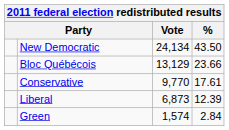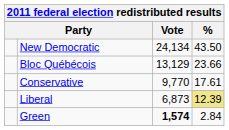 <table class="wikitable">
 <tr>
 <th colspan="4"><a href='#'>2011 federal election</a> redistributed results</th>
 </tr>
 <tr>
 <th bgcolor="#DDDDFF" width="130px" colspan="2">Party</th>
 <th bgcolor="#DDDDFF" width="50px">Vote</th>
 <th bgcolor="#DDDDFF" width="30px">%</th>
 </tr>
 <tr>
 <td> </td>
 <td><a href='#'>New Democratic</a></td>
 <td align=right>24,134</td>
 <td align=right>43.50</td>
 </tr>
 <tr>
 <td> </td>
 <td><a href='#'>Bloc Québécois</a></td>
 <td align=right>13,129</td>
 <td align=right>23.66</td>
 </tr>
 <tr>
 <td> </td>
 <td><a href='#'>Conservative</a></td>
 <td align=right>9,770</td>
 <td align=right>17.61</td>
 </tr>
 <tr>
 <td> </td>
 <td><a href='#'>Liberal</a></td>
 <td align=right>6,873</td>
-<td align=right>12.39</td>
+<td align=right style="background: khaki;">12.39</td>
 </tr>
 <tr>
 <td> </td>
 <td><a href='#'>Green</a></td>
-<td align=right>1,574</td>
+<td align=right><strong>1,574</strong></td>
 <td align=right>2.84</td>
 </tr>
 </table>
